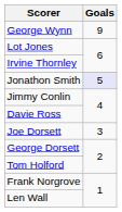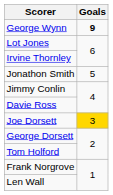 <table class="wikitable">
 <tr>
 <th>Scorer</th>
 <th>Goals</th>
 </tr>
 <tr>
 <td> <a href='#'>George Wynn</a></td>
-<td align=center>9</td>
+<td align=center><strong>9</strong></td>
 </tr>
 <tr>
 <td> <a href='#'>Lot Jones</a></td>
 <td rowspan="2" align=center>6</td>
 </tr>
 <tr>
 <td> <a href='#'>Irvine Thornley</a></td>
 </tr>
 <tr>
 <td>Jonathon Smith</td>
-<td align=center style="background: lavender;">5</td>
+<td align=center>5</td>
 </tr>
 <tr>
 <td>Jimmy Conlin</td>
 <td rowspan="2" align=center>4</td>
 </tr>
 <tr>
 <td> <a href='#'>Davie Ross</a></td>
 </tr>
 <tr>
 <td> <a href='#'>Joe Dorsett</a></td>
-<td align=center>3</td>
+<td align=center style="background: gold;">3</td>
 </tr>
 <tr>
 <td> <a href='#'>George Dorsett</a></td>
 <td rowspan="2" align=center>2</td>
 </tr>
 <tr>
 <td> <a href='#'>Tom Holford</a></td>
 </tr>
 <tr>
 <td>Frank Norgrove</td>
 <td rowspan="2" align=center>1</td>
 </tr>
 <tr>
 <td>Len Wall</td>
 </tr>
 </table>
